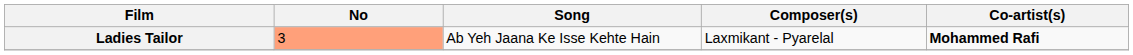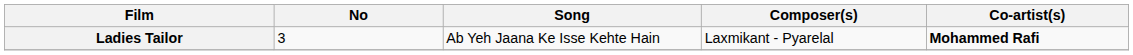 <table class="wikitable plainrowheaders" style="width:100%; textcolor:#000">
 <tr>
 <th scope="col" style="width:24%;">Film</th>
 <th>No</th>
 <th scope="col" style="width:23%;">Song</th>
 <th scope="col" style="width:20%;">Composer(s)</th>
 <th scope="col" style="width:18%;">Co-artist(s)</th>
 </tr>
 <tr>
 <th>Ladies Tailor</th>
-<td style="background: lightsalmon;">3</td>
+<td>3</td>
 <td>Ab Yeh Jaana Ke Isse Kehte Hain</td>
 <td>Laxmikant - Pyarelal</td>
 <td><strong>Mohammed Rafi</strong></td>
 </tr>
 <tr>
 </tr>
 </table>
